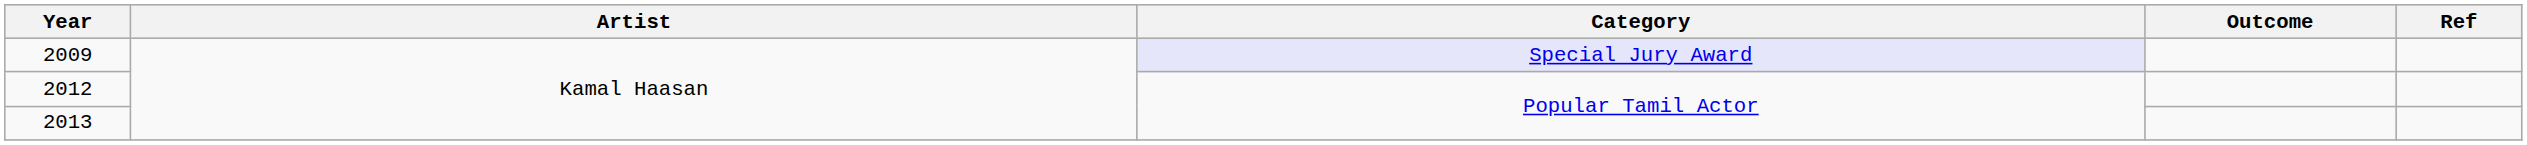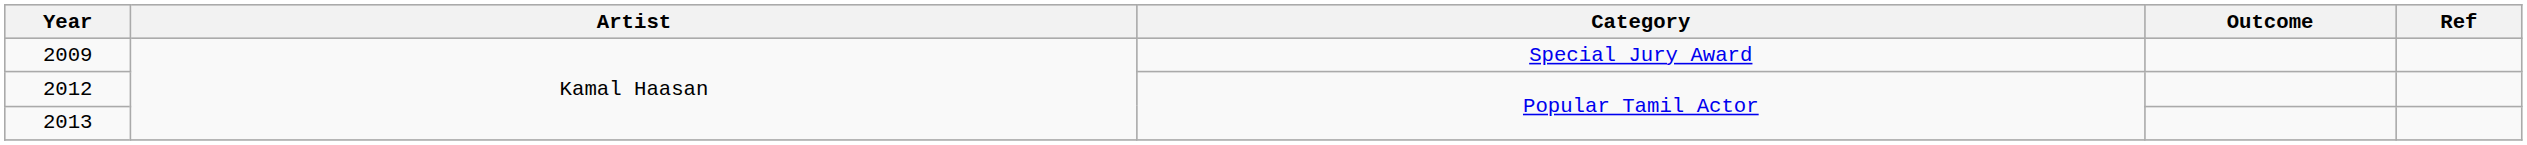 <table class="wikitable" style="width:100%;">
 <tr>
 <th width=5%>Year</th>
 <th style="width:40%;">Artist</th>
 <th style="width:40%;">Category</th>
 <th style="width:10%;">Outcome</th>
 <th style="width:5%;">Ref</th>
 </tr>
 <tr>
 <td style="text-align:center;">2009</td>
 <td rowspan="3" style="text-align:center;">Kamal Haasan</td>
-<td style="background: lavender; text-align:center;"><a href='#'>Special Jury Award</a></td>
+<td style="text-align:center;"><a href='#'>Special Jury Award</a></td>
 <td></td>
 <td></td>
 </tr>
 <tr>
 <td style="text-align:center;">2012</td>
 <td rowspan="2" style="text-align:center;"><a href='#'>Popular Tamil Actor</a></td>
 <td></td>
 <td></td>
 </tr>
 <tr>
 <td style="text-align:center;">2013</td>
 <td></td>
 <td></td>
 </tr>
 </table>
